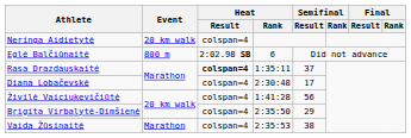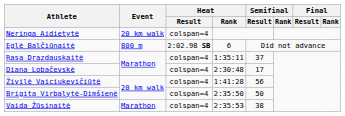 <table class="wikitable" style="font-size:90%">
 <tr>
 <th rowspan="2">Athlete</th>
 <th rowspan="2">Event</th>
 <th colspan="2">Heat</th>
 <th colspan="2">Semifinal</th>
 <th colspan="2">Final</th>
 </tr>
 <tr style="font-size:95%">
 <th>Result</th>
 <th>Rank</th>
 <th>Result</th>
 <th>Rank</th>
 <th>Result</th>
 <th>Rank</th>
 </tr>
 <tr align=center>
 <td align=left><a href='#'>Neringa Aidietytė</a></td>
 <td align=left><a href='#'>20 km walk</a></td>
 <td>colspan=4 </td>
 <td colspan=2></td>
 </tr>
 <tr align=center>
 <td align=left><a href='#'>Eglė Balčiūnaitė</a></td>
 <td align=left><a href='#'>800 m</a></td>
 <td>2:02.98 <strong>SB</strong></td>
 <td>6</td>
 <td colspan=4>Did not advance</td>
 </tr>
 <tr align=center>
 <td align=left><a href='#'>Rasa Drazdauskaitė</a></td>
 <td align=left rowspan=2><a href='#'>Marathon</a></td>
-<td><strong>colspan=4 </strong></td>
+<td>colspan=4 </td>
 <td>1:35:11</td>
 <td>37</td>
 </tr>
 <tr align=center>
 <td align=left><a href='#'>Diana Lobačevskė</a></td>
 <td>colspan=4 </td>
 <td>2:30:48</td>
 <td>17</td>
 </tr>
 <tr align=center>
 <td align=left><a href='#'>Živilė Vaiciukevičiūtė</a></td>
 <td align=left rowspan=2><a href='#'>20 km walk</a></td>
 <td>colspan=4 </td>
 <td>1:41:28</td>
 <td>56</td>
 </tr>
 <tr align=center>
 <td align=left><a href='#'>Brigita Virbalytė-Dimšienė</a></td>
 <td>colspan=4 </td>
 <td>2:35:50</td>
-<td>29</td>
+<td>50</td>
 </tr>
 <tr align=center>
 <td align=left><a href='#'>Vaida Žūsinaitė</a></td>
 <td align=left><a href='#'>Marathon</a></td>
 <td>colspan=4 </td>
 <td>2:35:53</td>
 <td>38</td>
 </tr>
 </table>
